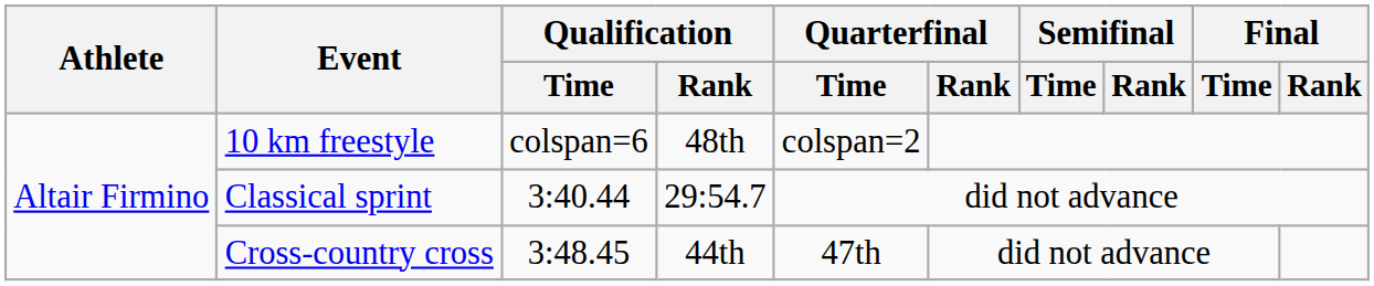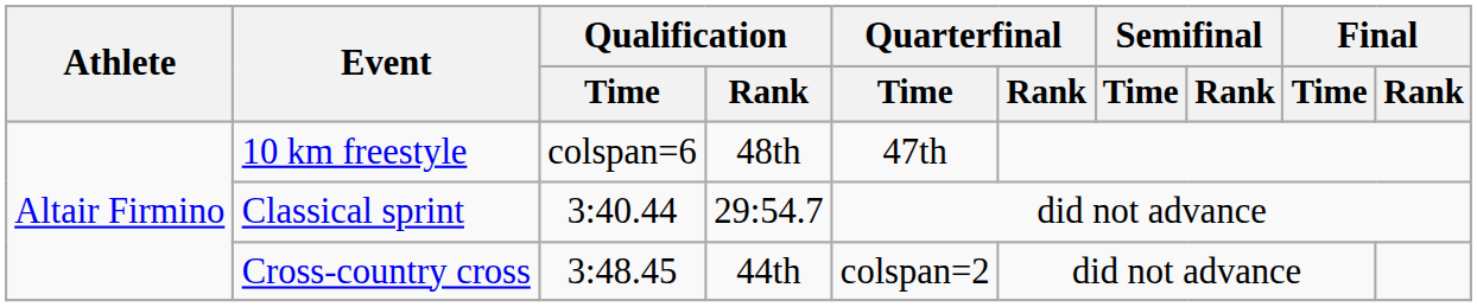 <table class="wikitable" style="font-size:90%">
 <tr>
 <th rowspan="2">Athlete</th>
 <th rowspan="2">Event</th>
 <th colspan="2">Qualification</th>
 <th colspan="2">Quarterfinal</th>
 <th colspan="2">Semifinal</th>
 <th colspan="2">Final</th>
 </tr>
 <tr style="font-size:95%">
 <th>Time</th>
 <th>Rank</th>
 <th>Time</th>
 <th>Rank</th>
 <th>Time</th>
 <th>Rank</th>
 <th>Time</th>
 <th>Rank</th>
 </tr>
 <tr align=center>
 <td align=left rowspan=3><a href='#'>Altair Firmino</a></td>
 <td align=left><a href='#'>10 km freestyle</a></td>
 <td>colspan=6 </td>
 <td>48th</td>
-<td>colspan=2 </td>
+<td>47th</td>
 </tr>
 <tr align=center>
 <td align=left><a href='#'>Classical sprint</a></td>
 <td>3:40.44</td>
 <td>29:54.7</td>
 <td align="center" colspan=6>did not advance</td>
 </tr>
 <tr align=center>
 <td align=left><a href='#'>Cross-country cross</a></td>
 <td>3:48.45</td>
 <td>44th</td>
-<td>47th</td>
+<td>colspan=2 </td>
 <td align="center" colspan=4>did not advance</td>
 </tr>
 </table>
